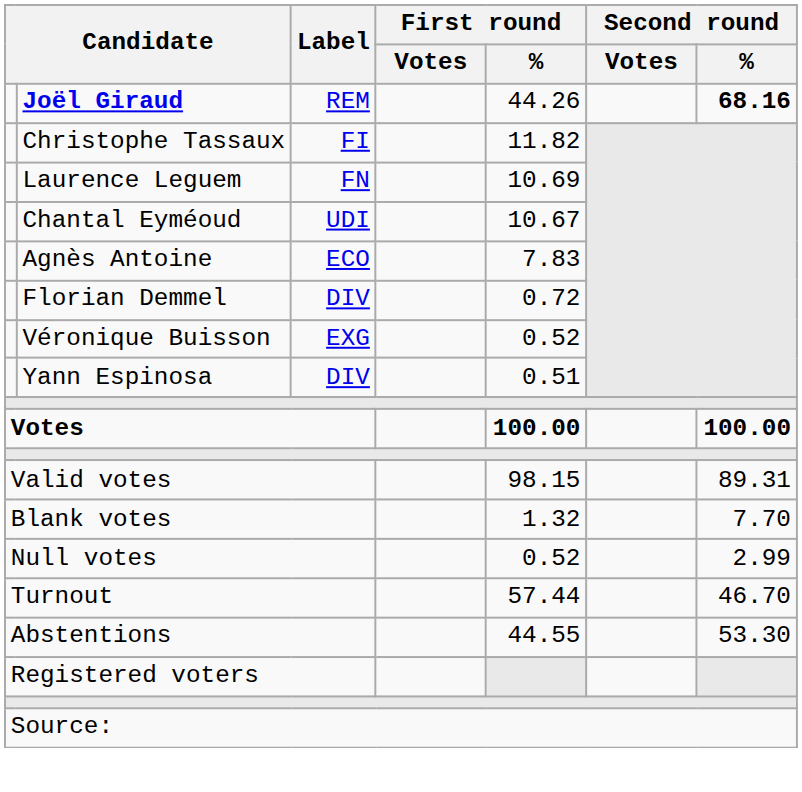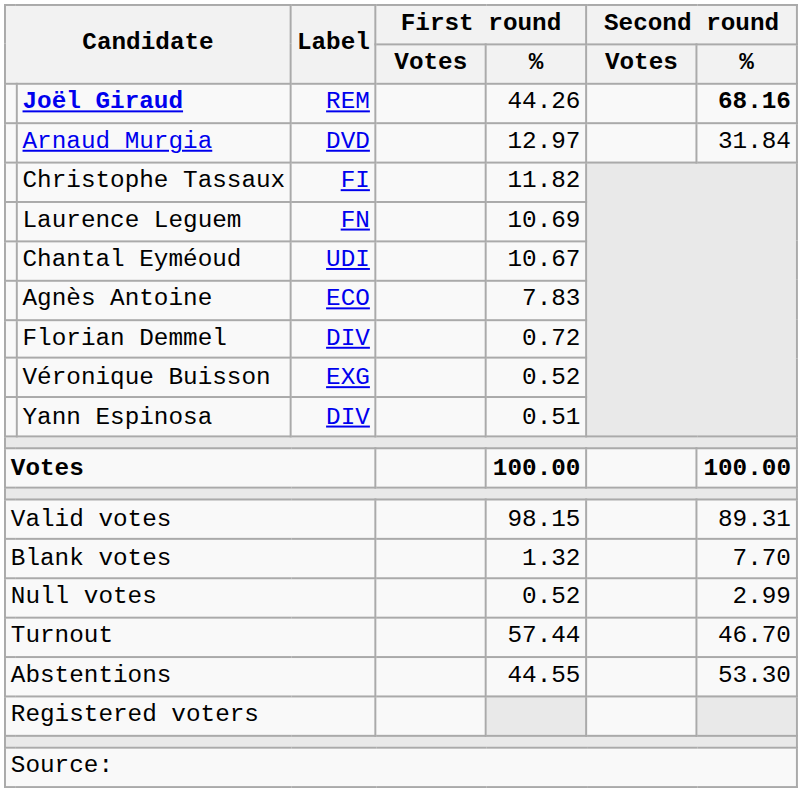 <table class="wikitable" style="text-align:right;font-size:95%;">
 <tr>
 <th colspan="2" rowspan="2">Candidate</th>
 <th rowspan="2">Label</th>
 <th colspan="2">First round</th>
 <th colspan="2">Second round</th>
 </tr>
 <tr>
 <th style="width:50px;">Votes</th>
 <th style="width:45px;">%</th>
 <th style="width:50px;">Votes</th>
 <th style="width:45px;">%</th>
 </tr>
 <tr>
 <td style="color:inherit;background:"></td>
 <td style="text-align:left;"><strong><a href='#'>Joël Giraud</a></strong></td>
 <td><a href='#'>REM</a></td>
 <td></td>
 <td>44.26</td>
 <td><strong></strong></td>
 <td><strong>68.16</strong></td>
+</tr>
+<tr>
+<td style="color:inherit;background:"></td>
+<td style="text-align:left;"><a href='#'>Arnaud Murgia</a></td>
+<td><a href='#'>DVD</a></td>
+<td></td>
+<td>12.97</td>
+<td></td>
+<td>31.84</td>
 </tr>
 <tr>
 <td style="color:inherit;background:"></td>
 <td style="text-align:left;">Christophe Tassaux</td>
 <td><a href='#'>FI</a></td>
 <td></td>
 <td>11.82</td>
 <td colspan="2" rowspan="7" style="background:#E9E9E9;"></td>
 </tr>
 <tr>
 <td style="color:inherit;background:"></td>
 <td style="text-align:left;">Laurence Leguem</td>
 <td><a href='#'>FN</a></td>
 <td></td>
 <td>10.69</td>
 </tr>
 <tr>
 <td style="color:inherit;background:"></td>
 <td style="text-align:left;">Chantal Eyméoud</td>
 <td><a href='#'>UDI</a></td>
 <td></td>
 <td>10.67</td>
 </tr>
 <tr>
 <td style="color:inherit;background:"></td>
 <td style="text-align:left;">Agnès Antoine</td>
 <td><a href='#'>ECO</a></td>
 <td></td>
 <td>7.83</td>
 </tr>
 <tr>
 <td style="color:inherit;background:"></td>
 <td style="text-align:left;">Florian Demmel</td>
 <td><a href='#'>DIV</a></td>
 <td></td>
 <td>0.72</td>
 </tr>
 <tr>
 <td style="color:inherit;background:"></td>
 <td style="text-align:left;">Véronique Buisson</td>
 <td><a href='#'>EXG</a></td>
 <td></td>
 <td>0.52</td>
 </tr>
 <tr>
 <td style="color:inherit;background:"></td>
 <td style="text-align:left;">Yann Espinosa</td>
 <td><a href='#'>DIV</a></td>
 <td></td>
 <td>0.51</td>
 </tr>
 <tr>
 <td colspan="7" style="background:#E9E9E9;"></td>
 </tr>
 <tr style="font-weight:bold;">
 <td colspan="3" style="text-align:left;">Votes</td>
 <td></td>
 <td>100.00</td>
 <td></td>
 <td>100.00</td>
 </tr>
 <tr>
 <td colspan="7" style="background:#E9E9E9;"></td>
 </tr>
 <tr>
 <td colspan="3" style="text-align:left;">Valid votes</td>
 <td></td>
 <td>98.15</td>
 <td></td>
 <td>89.31</td>
 </tr>
 <tr>
 <td colspan="3" style="text-align:left;">Blank votes</td>
 <td></td>
 <td>1.32</td>
 <td></td>
 <td>7.70</td>
 </tr>
 <tr>
 <td colspan="3" style="text-align:left;">Null votes</td>
 <td></td>
 <td>0.52</td>
 <td></td>
 <td>2.99</td>
 </tr>
 <tr>
 <td colspan="3" style="text-align:left;">Turnout</td>
 <td></td>
 <td>57.44</td>
 <td></td>
 <td>46.70</td>
 </tr>
 <tr>
 <td colspan="3" style="text-align:left;">Abstentions</td>
 <td></td>
 <td>44.55</td>
 <td></td>
 <td>53.30</td>
 </tr>
 <tr>
 <td colspan="3" style="text-align:left;">Registered voters</td>
 <td></td>
 <td style="background:#E9E9E9;"></td>
 <td></td>
 <td style="background:#E9E9E9;"></td>
 </tr>
 <tr>
 <td colspan="7" style="background:#E9E9E9;"></td>
 </tr>
 <tr>
 <td colspan="7" style="text-align:left;">Source: </td>
 </tr>
 </table>
